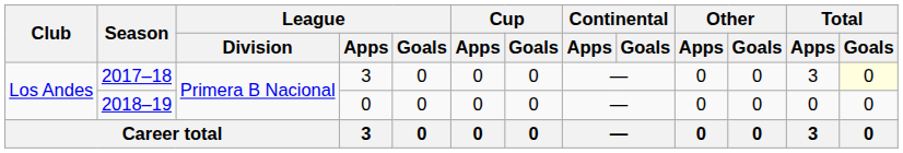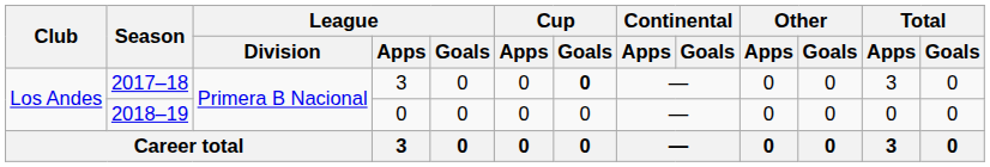 <table class="wikitable" style="text-align:center">
 <tr>
 <th rowspan="2">Club</th>
 <th rowspan="2">Season</th>
 <th colspan="3">League</th>
 <th colspan="2">Cup</th>
 <th colspan="2">Continental</th>
 <th colspan="2">Other</th>
 <th colspan="2">Total</th>
 </tr>
 <tr>
 <th>Division</th>
 <th>Apps</th>
 <th>Goals</th>
 <th>Apps</th>
 <th>Goals</th>
 <th>Apps</th>
 <th>Goals</th>
 <th>Apps</th>
 <th>Goals</th>
 <th>Apps</th>
 <th>Goals</th>
 </tr>
 <tr>
 <td rowspan="2"><a href='#'>Los Andes</a></td>
 <td><a href='#'>2017–18</a></td>
 <td rowspan="2"><a href='#'>Primera B Nacional</a></td>
 <td>3</td>
 <td>0</td>
 <td>0</td>
-<td>0</td>
+<td><strong>0</strong></td>
 <td colspan="2">—</td>
 <td>0</td>
 <td>0</td>
 <td>3</td>
-<td style="background: lightyellow;">0</td>
+<td>0</td>
 </tr>
 <tr>
 <td><a href='#'>2018–19</a></td>
 <td>0</td>
 <td>0</td>
 <td>0</td>
 <td>0</td>
 <td colspan="2">—</td>
 <td>0</td>
 <td>0</td>
 <td>0</td>
 <td>0</td>
 </tr>
 <tr>
 <th colspan="3">Career total</th>
 <th>3</th>
 <th>0</th>
 <th>0</th>
 <th>0</th>
 <th colspan="2">—</th>
 <th>0</th>
 <th>0</th>
 <th>3</th>
 <th>0</th>
 </tr>
 </table>
